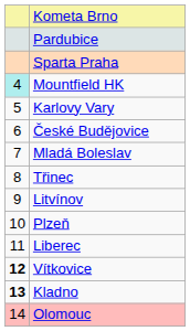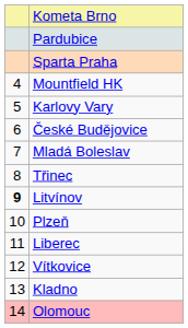 <table class="wikitable" style="width:200px;">
 <tr style="background:#F7F6A8;">
 <td align=center style="width:20px;"></td>
 <td><a href='#'>Kometa Brno</a></td>
 </tr>
 <tr style="background:#DCE5E5;">
 <td align=center></td>
 <td><a href='#'>Pardubice</a></td>
 </tr>
 <tr style="background:#FFDAB9;">
 <td align=center></td>
 <td><a href='#'>Sparta Praha</a></td>
 </tr>
 <tr>
-<td align=center style="background: paleturquoise;">4</td>
+<td align=center>4</td>
 <td><a href='#'>Mountfield HK</a></td>
 </tr>
 <tr>
 <td align=center>5</td>
 <td><a href='#'>Karlovy Vary</a></td>
 </tr>
 <tr>
 <td align=center>6</td>
 <td><a href='#'>České Budějovice</a></td>
 </tr>
 <tr>
 <td align=center>7</td>
 <td><a href='#'>Mladá Boleslav</a></td>
 </tr>
 <tr>
 <td align=center>8</td>
 <td><a href='#'>Třinec</a></td>
 </tr>
 <tr>
-<td align=center>9</td>
+<td align=center><strong>9</strong></td>
 <td><a href='#'>Litvínov</a></td>
 </tr>
 <tr>
 <td align=center>10</td>
 <td><a href='#'>Plzeň</a></td>
 </tr>
 <tr>
 <td align=center>11</td>
 <td><a href='#'>Liberec</a></td>
 </tr>
 <tr>
-<td align=center><strong>12</strong></td>
+<td align=center>12</td>
 <td><a href='#'>Vítkovice</a></td>
 </tr>
 <tr>
-<td align=center><strong>13</strong></td>
+<td align=center>13</td>
 <td><a href='#'>Kladno</a></td>
 </tr>
 <tr style="background:#ffbbbb;">
 <td align=center>14</td>
 <td><a href='#'>Olomouc</a></td>
 </tr>
 </table>
